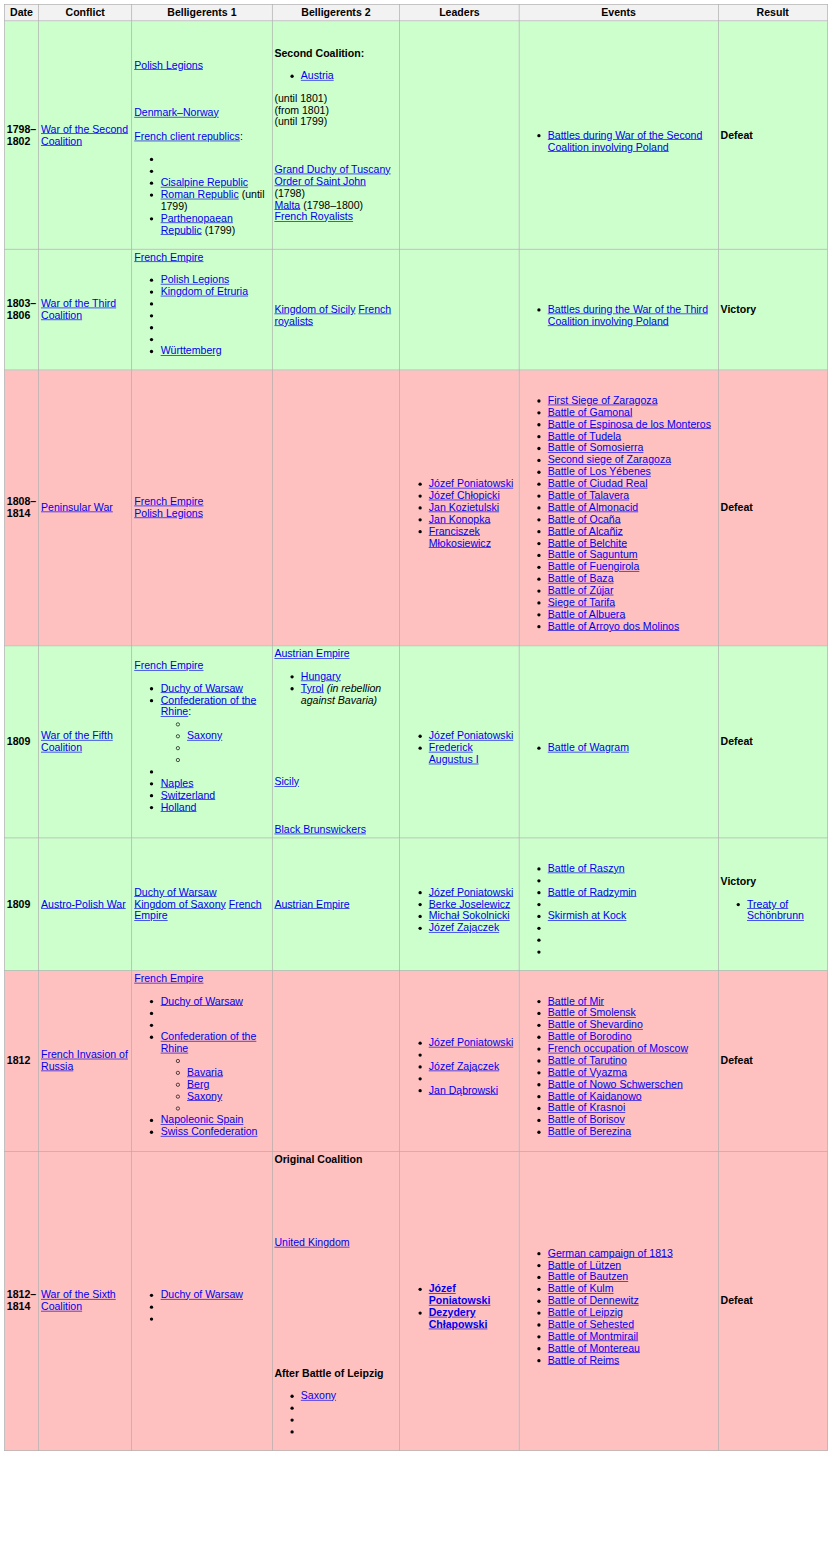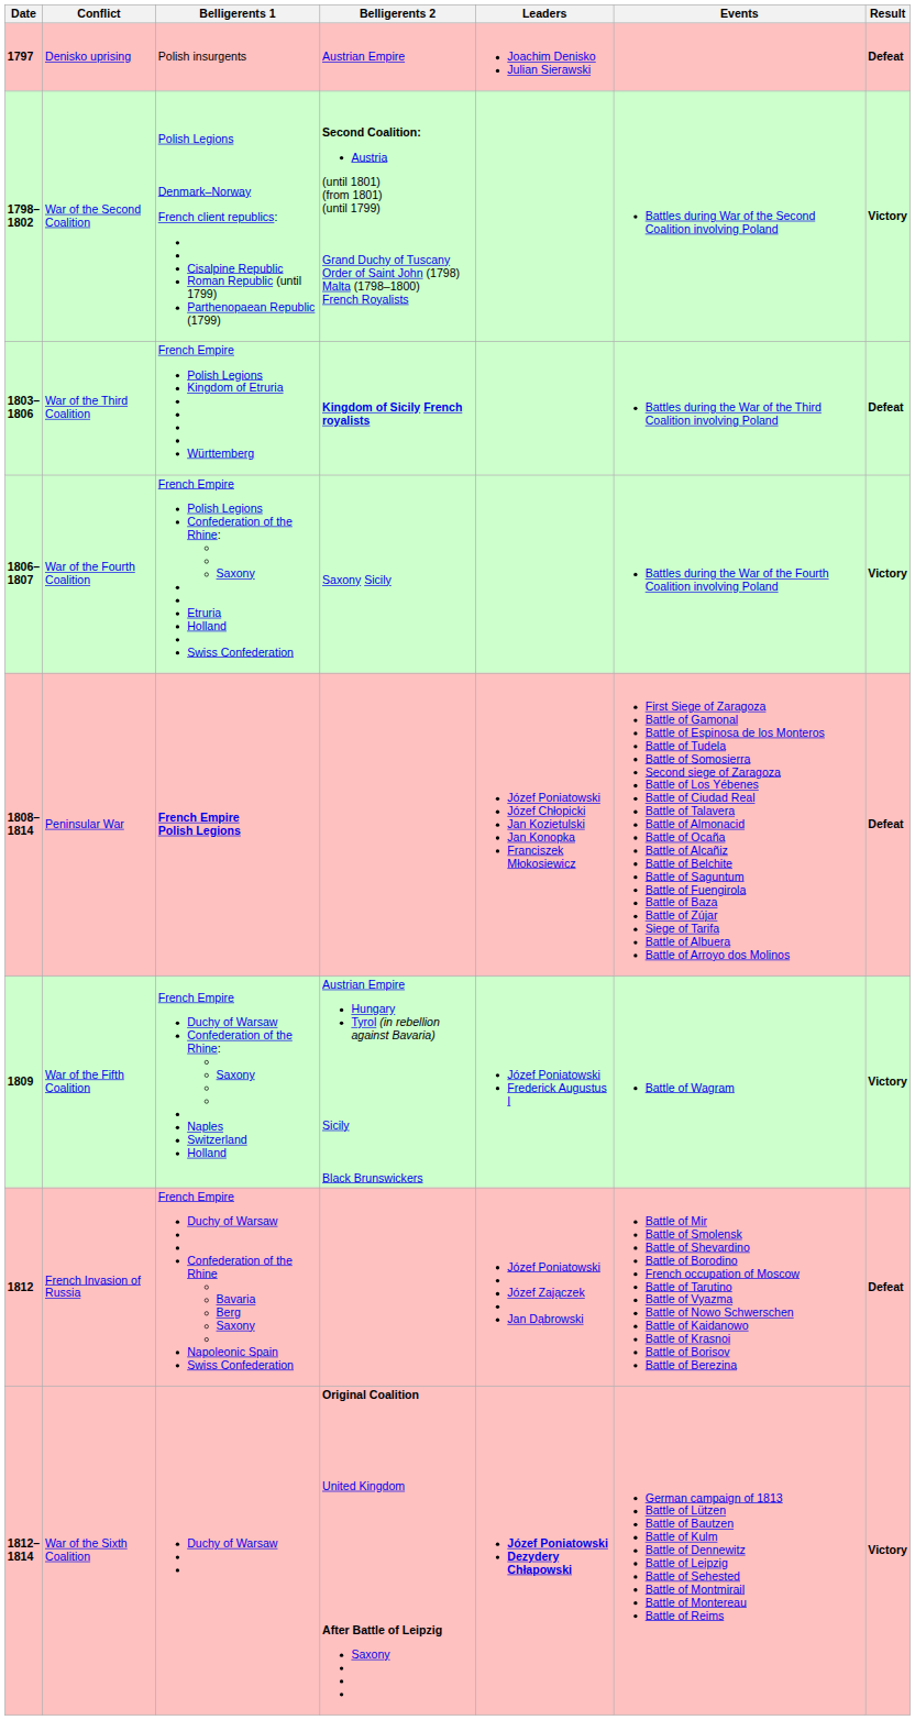 <table class="wikitable sortable">
 <tr>
 <th>Date</th>
 <th>Conflict</th>
 <th>Belligerents 1</th>
 <th>Belligerents 2</th>
 <th>Leaders</th>
 <th>Events</th>
 <th>Result</th>
 </tr>
+<tr -- bgcolor="#FFC0C0">
+<td><strong>1797</strong></td>
+<td><a href='#'>Denisko uprising</a></td>
+<td>Polish insurgents</td>
+<td> <a href='#'>Austrian Empire</a></td>
+<td><br><ul><li><a href='#'>Joachim Denisko</a></li><li><a href='#'>Julian Sierawski</a></li></ul></td>
+<td></td>
+<td><strong>Defeat</strong></td>
+</tr>
 <tr --- bgcolor="#CCFFCC">
 <td><strong>1798–</strong><br><strong>1802</strong></td>
 <td><a href='#'>War of the Second Coalition</a></td>
 <td><br><br><br> <a href='#'>Polish Legions</a><br><br><br><br> <a href='#'>Denmark–Norway</a><br><br><a href='#'>French client republics</a>:<ul><li></li><li></li><li> <a href='#'>Cisalpine Republic</a></li><li> <a href='#'>Roman Republic</a> (until 1799)</li><li> <a href='#'>Parthenopaean Republic</a> (1799)</li></ul></td>
 <td><strong>Second Coalition:</strong><br><ul><li> <a href='#'>Austria</a></li></ul> (until 1801)<br> (from 1801)<br> (until 1799)<br><br><br><br> <a href='#'>Grand Duchy of Tuscany</a><br> <a href='#'>Order of Saint John</a> (1798)<br> <a href='#'>Malta</a> (1798–1800)<br> <a href='#'>French Royalists</a></td>
 <td></td>
 <td><br><ul><li><a href='#'>Battles during War of the Second Coalition involving Poland</a></li></ul></td>
-<td><strong>Defeat</strong></td>
+<td><strong>Victory</strong></td>
 </tr>
 <tr -- bgcolor="#CCFFCC">
 <td><strong>1803–</strong><br><strong>1806</strong></td>
 <td><a href='#'>War of the Third Coalition</a></td>
 <td> <a href='#'>French Empire</a><br><ul><li> <a href='#'>Polish Legions</a></li><li> <a href='#'>Kingdom of Etruria</a></li><li></li><li></li><li></li><li></li><li> <a href='#'>Württemberg</a></li></ul></td>
-<td><br>       <a href='#'>Kingdom of Sicily</a>     <a href='#'>French royalists</a></td>
+<td><strong><br>       <a href='#'>Kingdom of Sicily</a>     <a href='#'>French royalists</a></strong></td>
 <td></td>
 <td><br><ul><li><a href='#'>Battles during the War of the Third Coalition involving Poland</a></li></ul></td>
+<td><strong>Defeat</strong></td>
+</tr>
+<tr -- bgcolor="#CCFFCC">
+<td><strong>1806–</strong><br><strong>1807</strong></td>
+<td><a href='#'>War of the Fourth Coalition</a></td>
+<td> <a href='#'>French Empire</a><br><ul><li> <a href='#'>Polish Legions</a></li><li><a href='#'>Confederation of the Rhine</a>:<ul><li></li><li></li><li> <a href='#'>Saxony</a></li></ul></li><li></li><li></li><li> <a href='#'>Etruria</a></li><li> <a href='#'>Holland</a></li><li></li><li> <a href='#'>Swiss Confederation</a></li></ul></td>
+<td><br>     <a href='#'>Saxony</a>     <a href='#'>Sicily</a></td>
+<td></td>
+<td><br><ul><li><a href='#'>Battles during the War of the Fourth Coalition involving Poland</a></li></ul></td>
 <td><strong>Victory</strong></td>
 </tr>
 <tr --- bgcolor="#FFC0C0">
 <td><strong>1808–</strong><br><strong>1814</strong></td>
 <td><a href='#'>Peninsular War</a></td>
-<td> <a href='#'>French Empire</a><br>  <a href='#'>Polish Legions</a></td>
+<td><strong> <a href='#'>French Empire</a><br>  <a href='#'>Polish Legions</a></strong></td>
 <td><br>  </td>
 <td><br><ul><li><a href='#'>Józef Poniatowski</a></li><li><a href='#'>Józef Chłopicki</a></li><li><a href='#'>Jan Kozietulski</a></li><li><a href='#'>Jan Konopka</a></li><li><a href='#'>Franciszek Młokosiewicz</a></li></ul></td>
 <td><br><ul><li><a href='#'>First Siege of Zaragoza</a></li><li><a href='#'>Battle of Gamonal</a></li><li><a href='#'>Battle of Espinosa de los Monteros</a></li><li><a href='#'>Battle of Tudela</a></li><li><a href='#'>Battle of Somosierra</a></li><li><a href='#'>Second siege of Zaragoza</a></li><li><a href='#'>Battle of Los Yébenes</a></li><li><a href='#'>Battle of Ciudad Real</a></li><li><a href='#'>Battle of Talavera</a></li><li><a href='#'>Battle of Almonacid</a></li><li><a href='#'>Battle of Ocaña</a></li><li><a href='#'>Battle of Alcañiz</a></li><li><a href='#'>Battle of Belchite</a></li><li><a href='#'>Battle of Saguntum</a></li><li><a href='#'>Battle of Fuengirola</a></li><li><a href='#'>Battle of Baza</a></li><li><a href='#'>Battle of Zújar</a></li><li><a href='#'>Siege of Tarifa</a></li><li><a href='#'>Battle of Albuera</a></li><li><a href='#'>Battle of Arroyo dos Molinos</a></li></ul></td>
 <td><strong>Defeat</strong></td>
 </tr>
 <tr -- bgcolor="#CCFFCC">
 <td><strong>1809</strong></td>
 <td><a href='#'>War of the Fifth Coalition</a></td>
 <td> <a href='#'>French Empire</a><br><ul><li> <a href='#'>Duchy of Warsaw</a></li><li><a href='#'>Confederation of the Rhine</a>:<ul><li></li><li> <a href='#'>Saxony</a></li><li></li><li></li></ul></li><li></li><li> <a href='#'>Naples</a></li><li> <a href='#'>Switzerland</a></li><li> <a href='#'>Holland</a></li></ul></td>
 <td> <a href='#'>Austrian Empire</a><br><ul><li> <a href='#'>Hungary</a></li><li> <a href='#'>Tyrol</a> <em>(in rebellion against Bavaria)</em></li></ul><br><br><br><br><br> <a href='#'>Sicily</a><br><br><br><br> <a href='#'>Black Brunswickers</a></td>
 <td><br><ul><li><a href='#'>Józef Poniatowski</a></li><li><a href='#'>Frederick Augustus I</a></li></ul></td>
 <td><br><ul><li><a href='#'>Battle of Wagram</a></li></ul></td>
-<td><strong>Defeat</strong></td>
-</tr>
-<tr -- bgcolor="#CCFFCC">
-<td><strong>1809</strong></td>
-<td><a href='#'>Austro-Polish War</a></td>
-<td> <a href='#'>Duchy of Warsaw</a><br> <a href='#'>Kingdom of Saxony</a>   <a href='#'>French Empire</a></td>
-<td> <a href='#'>Austrian Empire</a></td>
-<td><br><ul><li><a href='#'>Józef Poniatowski</a></li><li><a href='#'>Berke Joselewicz</a></li><li><a href='#'>Michał Sokolnicki</a></li><li><a href='#'>Józef Zajączek</a></li></ul></td>
-<td><br><ul><li><a href='#'>Battle of Raszyn</a></li><li></li><li><a href='#'>Battle of Radzymin</a></li><li></li><li><a href='#'>Skirmish at Kock</a></li><li></li><li></li><li></li></ul></td>
-<td><strong>Victory</strong><br><ul><li><a href='#'>Treaty of Schönbrunn</a></li></ul></td>
+<td><strong>Victory</strong></td>
 </tr>
 <tr --- bgcolor="#FFC0C0">
 <td><strong>1812</strong></td>
 <td><a href='#'>French Invasion of Russia</a></td>
 <td> <a href='#'>French Empire</a><br><ul><li> <a href='#'>Duchy of Warsaw</a></li><li></li><li></li><li><a href='#'>Confederation of the Rhine</a><ul><li></li><li> <a href='#'>Bavaria</a></li><li> <a href='#'>Berg</a></li><li> <a href='#'>Saxony</a></li><li></li></ul></li><li> <a href='#'>Napoleonic Spain</a></li><li> <a href='#'>Swiss Confederation</a></li></ul></td>
 <td></td>
 <td><br><ul><li><a href='#'>Józef Poniatowski</a></li><li></li><li><a href='#'>Józef Zajączek</a></li><li></li><li><a href='#'>Jan Dąbrowski</a></li></ul></td>
 <td><br><ul><li><a href='#'>Battle of Mir</a></li><li><a href='#'>Battle of Smolensk</a></li><li><a href='#'>Battle of Shevardino</a></li><li><a href='#'>Battle of Borodino</a></li><li><a href='#'>French occupation of Moscow</a></li><li><a href='#'>Battle of Tarutino</a></li><li><a href='#'>Battle of Vyazma</a></li><li><a href='#'>Battle of Nowo Schwerschen</a></li><li><a href='#'>Battle of Kaidanowo</a></li><li><a href='#'>Battle of Krasnoi</a></li><li><a href='#'>Battle of Borisov</a></li><li><a href='#'>Battle of Berezina</a></li></ul></td>
 <td><strong>Defeat</strong></td>
 </tr>
 <tr --- bgcolor="#FFC0C0">
 <td><strong>1812–</strong><br><strong>1814</strong></td>
 <td><a href='#'>War of the Sixth Coalition</a></td>
 <td><br><ul><li> <a href='#'>Duchy of Warsaw</a></li><li></li><li></li></ul></td>
 <td><strong>Original Coalition</strong><br><br><br><br><br><br><br> <a href='#'>United Kingdom</a><br><br><br><br><br><br><br><br><br><br><br><strong>After Battle of Leipzig</strong><ul><li> <a href='#'>Saxony</a></li><li></li><li></li><li></li></ul></td>
 <td><strong><br><ul><li><a href='#'>Józef Poniatowski</a></li><li><a href='#'>Dezydery Chłapowski</a></li></ul></strong></td>
 <td><br><ul><li><a href='#'>German campaign of 1813</a></li><li><a href='#'>Battle of Lützen</a></li><li><a href='#'>Battle of Bautzen</a></li><li><a href='#'>Battle of Kulm</a></li><li><a href='#'>Battle of Dennewitz</a></li><li><a href='#'>Battle of Leipzig</a></li><li><a href='#'>Battle of Sehested</a></li><li><a href='#'>Battle of Montmirail</a></li><li><a href='#'>Battle of Montereau</a></li><li><a href='#'>Battle of Reims</a></li></ul></td>
-<td><strong>Defeat</strong></td>
+<td><strong>Victory</strong></td>
 </tr>
 </table>
